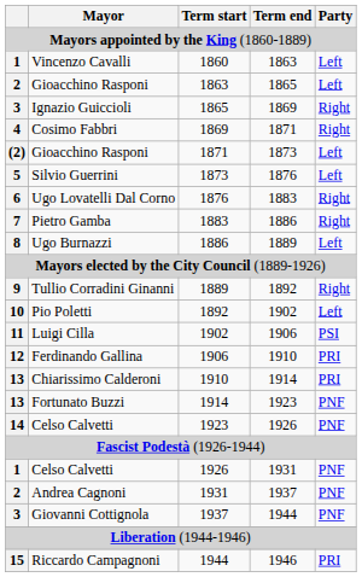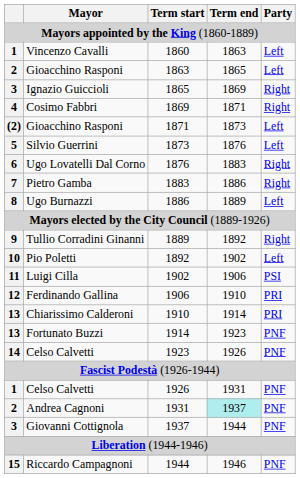 <table class="wikitable">
 <tr>
 <th class=unsortable> </th>
 <th>Mayor</th>
 <th>Term start</th>
 <th>Term end</th>
 <th>Party</th>
 </tr>
 <tr>
 <td colspan="8" bgcolor="lightgrey" align=center><strong>Mayors appointed by the <a href='#'>King</a></strong> (1860-1889)</td>
 </tr>
 <tr>
 <th style="background:">1</th>
 <td>Vincenzo Cavalli</td>
 <td align=center>1860</td>
 <td align=center>1863</td>
 <td><a href='#'>Left</a></td>
 </tr>
 <tr>
 <th style="background:">2</th>
 <td>Gioacchino Rasponi</td>
 <td align=center>1863</td>
 <td align=center>1865</td>
 <td><a href='#'>Left</a></td>
 </tr>
 <tr>
 <th style="background:">3</th>
 <td>Ignazio Guiccioli</td>
 <td align=center>1865</td>
 <td align=center>1869</td>
 <td><a href='#'>Right</a></td>
 </tr>
 <tr>
 <th style="background:">4</th>
 <td>Cosimo Fabbri</td>
 <td align=center>1869</td>
 <td align=center>1871</td>
 <td><a href='#'>Right</a></td>
 </tr>
 <tr>
 <th style="background:">(2)</th>
 <td>Gioacchino Rasponi</td>
 <td align=center>1871</td>
 <td align=center>1873</td>
 <td><a href='#'>Left</a></td>
 </tr>
 <tr>
 <th style="background:">5</th>
 <td>Silvio Guerrini</td>
 <td align=center>1873</td>
 <td align=center>1876</td>
 <td><a href='#'>Left</a></td>
 </tr>
 <tr>
 <th style="background:">6</th>
 <td>Ugo Lovatelli Dal Corno</td>
 <td align=center>1876</td>
 <td align=center>1883</td>
 <td><a href='#'>Right</a></td>
 </tr>
 <tr>
 <th style="background:">7</th>
 <td>Pietro Gamba</td>
 <td align=center>1883</td>
 <td align=center>1886</td>
 <td><a href='#'>Right</a></td>
 </tr>
 <tr>
 <th style="background:">8</th>
 <td>Ugo Burnazzi</td>
 <td align=center>1886</td>
 <td align=center>1889</td>
 <td><a href='#'>Left</a></td>
 </tr>
 <tr>
 <td colspan="8" bgcolor="lightgrey" align=center><strong>Mayors elected by the City Council</strong> (1889-1926)</td>
 </tr>
 <tr>
 <th style="background:">9</th>
 <td>Tullio Corradini Ginanni</td>
 <td align=center>1889</td>
 <td align=center>1892</td>
 <td><a href='#'>Right</a></td>
 </tr>
 <tr>
 <th style="background:">10</th>
 <td>Pio Poletti</td>
 <td align=center>1892</td>
 <td align=center>1902</td>
 <td><a href='#'>Left</a></td>
 </tr>
 <tr>
 <th style="background:">11</th>
 <td>Luigi Cilla</td>
 <td align=center>1902</td>
 <td align=center>1906</td>
 <td><a href='#'>PSI</a></td>
 </tr>
 <tr>
 <th style="background:">12</th>
 <td>Ferdinando Gallina</td>
 <td align=center>1906</td>
 <td align=center>1910</td>
 <td><a href='#'>PRI</a></td>
 </tr>
 <tr>
 <th style="background:">13</th>
 <td>Chiarissimo Calderoni</td>
 <td align=center>1910</td>
 <td align=center>1914</td>
 <td><a href='#'>PRI</a></td>
 </tr>
 <tr>
 <th style="background:">13</th>
 <td>Fortunato Buzzi</td>
 <td align=center>1914</td>
 <td align=center>1923</td>
 <td><a href='#'>PNF</a></td>
 </tr>
 <tr>
 <th style="background:">14</th>
 <td>Celso Calvetti</td>
 <td align=center>1923</td>
 <td align=center>1926</td>
 <td><a href='#'>PNF</a></td>
 </tr>
 <tr>
 <td colspan="8" bgcolor="lightgrey" align=center><strong><a href='#'>Fascist Podestà</a></strong> (1926-1944)</td>
 </tr>
 <tr>
 <th rowspan=1 style="background:">1</th>
 <td>Celso Calvetti</td>
 <td align=center>1926</td>
 <td align=center>1931</td>
 <td><a href='#'>PNF</a></td>
 </tr>
 <tr>
 <th rowspan=1 style="background:">2</th>
 <td>Andrea Cagnoni</td>
 <td align=center>1931</td>
-<td align=center>1937</td>
+<td align=center style="background: paleturquoise;">1937</td>
 <td><a href='#'>PNF</a></td>
 </tr>
 <tr>
 <th rowspan=1 style="background:">3</th>
 <td>Giovanni Cottignola</td>
 <td align=center>1937</td>
 <td align=center>1944</td>
 <td><a href='#'>PNF</a></td>
 </tr>
 <tr>
 <td colspan="8" bgcolor="lightgrey" align=center><strong><a href='#'>Liberation</a></strong> (1944-1946)</td>
 </tr>
 <tr>
 <th style="background:">15</th>
 <td>Riccardo Campagnoni</td>
 <td align=center>1944</td>
 <td align=center>1946</td>
-<td><a href='#'>PRI</a></td>
+<td><a href='#'>PNF</a></td>
 </tr>
 </table>
